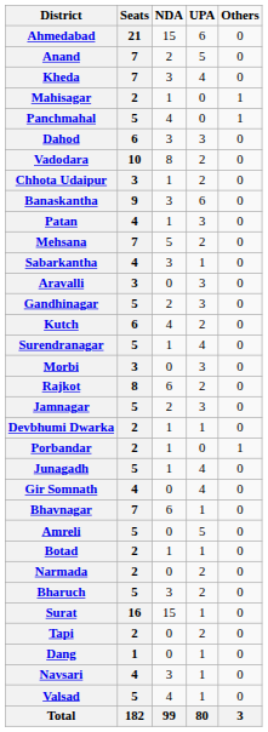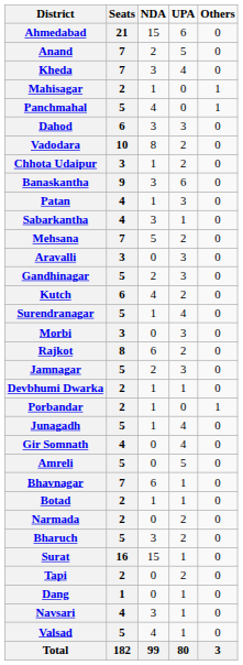 <table class="wikitable sortable" style="text-align:center;">
 <tr>
 <th>District</th>
 <th>Seats</th>
 <td><span><strong>NDA</strong></span></td>
 <td><span><strong>UPA</strong></span></td>
 <td><span><strong>Others</strong></span></td>
 </tr>
 <tr>
 <th><a href='#'>Ahmedabad</a></th>
 <th>21</th>
 <td style="background:">15</td>
 <td>6</td>
 <td>0</td>
 </tr>
 <tr>
 <th><a href='#'>Anand</a></th>
 <th>7</th>
 <td>2</td>
 <td style="background:">5</td>
 <td>0</td>
 </tr>
 <tr>
 <th><a href='#'>Kheda</a></th>
 <th>7</th>
 <td>3</td>
 <td style="background:">4</td>
 <td>0</td>
 </tr>
 <tr>
 <th><a href='#'>Mahisagar</a></th>
 <th>2</th>
 <td>1</td>
 <td>0</td>
 <td>1</td>
 </tr>
 <tr>
 <th><a href='#'>Panchmahal</a></th>
 <th>5</th>
 <td style="background:">4</td>
 <td>0</td>
 <td>1</td>
 </tr>
 <tr>
 <th><a href='#'>Dahod</a></th>
 <th>6</th>
 <td>3</td>
 <td>3</td>
 <td>0</td>
 </tr>
 <tr>
 <th><a href='#'>Vadodara</a></th>
 <th>10</th>
 <td style="background:">8</td>
 <td>2</td>
 <td>0</td>
 </tr>
 <tr>
 <th><a href='#'>Chhota Udaipur</a></th>
 <th>3</th>
 <td>1</td>
 <td style="background:">2</td>
 <td>0</td>
 </tr>
 <tr>
 <th><a href='#'>Banaskantha</a></th>
 <th>9</th>
 <td>3</td>
 <td style="background:">6</td>
 <td>0</td>
 </tr>
 <tr>
 <th><a href='#'>Patan</a></th>
 <th>4</th>
 <td>1</td>
 <td style="background:">3</td>
 <td>0</td>
 </tr>
 <tr>
+<th><a href='#'>Sabarkantha</a></th>
+<th>4</th>
+<td style="background:">3</td>
+<td>1</td>
+<td>0</td>
+</tr>
+<tr>
 <th><a href='#'>Mehsana</a></th>
 <th>7</th>
 <td style="background:">5</td>
 <td>2</td>
-<td>0</td>
-</tr>
-<tr>
-<th><a href='#'>Sabarkantha</a></th>
-<th>4</th>
-<td style="background:">3</td>
-<td>1</td>
 <td>0</td>
 </tr>
 <tr>
 <th><a href='#'>Aravalli</a></th>
 <th>3</th>
 <td>0</td>
 <td style="background:">3</td>
 <td>0</td>
 </tr>
 <tr>
 <th><a href='#'>Gandhinagar</a></th>
 <th>5</th>
 <td>2</td>
 <td style="background:">3</td>
 <td>0</td>
 </tr>
 <tr>
 <th><a href='#'>Kutch</a></th>
 <th>6</th>
 <td style="background:">4</td>
 <td>2</td>
 <td>0</td>
 </tr>
 <tr>
 <th><a href='#'>Surendranagar</a></th>
 <th>5</th>
 <td>1</td>
 <td style="background:">4</td>
 <td>0</td>
 </tr>
 <tr>
 <th><a href='#'>Morbi</a></th>
 <th>3</th>
 <td>0</td>
 <td style="background:">3</td>
 <td>0</td>
 </tr>
 <tr>
 <th><a href='#'>Rajkot</a></th>
 <th>8</th>
 <td style="background:">6</td>
 <td>2</td>
 <td>0</td>
 </tr>
 <tr>
 <th><a href='#'>Jamnagar</a></th>
 <th>5</th>
 <td>2</td>
 <td style="background:">3</td>
 <td>0</td>
 </tr>
 <tr>
 <th><a href='#'>Devbhumi Dwarka</a></th>
 <th>2</th>
 <td>1</td>
 <td>1</td>
 <td>0</td>
 </tr>
 <tr>
 <th><a href='#'>Porbandar</a></th>
 <th>2</th>
 <td>1</td>
 <td>0</td>
 <td>1</td>
 </tr>
 <tr>
 <th><a href='#'>Junagadh</a></th>
 <th>5</th>
 <td>1</td>
 <td style="background:">4</td>
 <td>0</td>
 </tr>
 <tr>
 <th><a href='#'>Gir Somnath</a></th>
 <th>4</th>
 <td>0</td>
 <td style="background:">4</td>
 <td>0</td>
 </tr>
 <tr>
+<th><a href='#'>Amreli</a></th>
+<th>5</th>
+<td>0</td>
+<td style="background:">5</td>
+<td>0</td>
+</tr>
+<tr>
 <th><a href='#'>Bhavnagar</a></th>
 <th>7</th>
 <td style="background:">6</td>
 <td>1</td>
-<td>0</td>
-</tr>
-<tr>
-<th><a href='#'>Amreli</a></th>
-<th>5</th>
-<td>0</td>
-<td style="background:">5</td>
 <td>0</td>
 </tr>
 <tr>
 <th><a href='#'>Botad</a></th>
 <th>2</th>
 <td>1</td>
 <td>1</td>
 <td>0</td>
 </tr>
 <tr>
 <th><a href='#'>Narmada</a></th>
 <th>2</th>
 <td>0</td>
 <td style="background:">2</td>
 <td>0</td>
 </tr>
 <tr>
 <th><a href='#'>Bharuch</a></th>
 <th>5</th>
 <td style="background:">3</td>
 <td>2</td>
 <td>0</td>
 </tr>
 <tr>
 <th><a href='#'>Surat</a></th>
 <th>16</th>
 <td style="background:">15</td>
 <td>1</td>
 <td>0</td>
 </tr>
 <tr>
 <th><a href='#'>Tapi</a></th>
 <th>2</th>
 <td>0</td>
 <td style="background:">2</td>
 <td>0</td>
 </tr>
 <tr>
 <th><a href='#'>Dang</a></th>
 <th>1</th>
 <td>0</td>
 <td style="background:">1</td>
 <td>0</td>
 </tr>
 <tr>
 <th><a href='#'>Navsari</a></th>
 <th>4</th>
 <td style="background:">3</td>
 <td>1</td>
 <td>0</td>
 </tr>
 <tr>
 <th><a href='#'>Valsad</a></th>
 <th>5</th>
 <td style="background:">4</td>
 <td>1</td>
 <td>0</td>
 </tr>
 <tr>
 <th>Total</th>
 <th>182</th>
 <th>99</th>
 <th>80</th>
 <th>3</th>
 </tr>
 </table>
